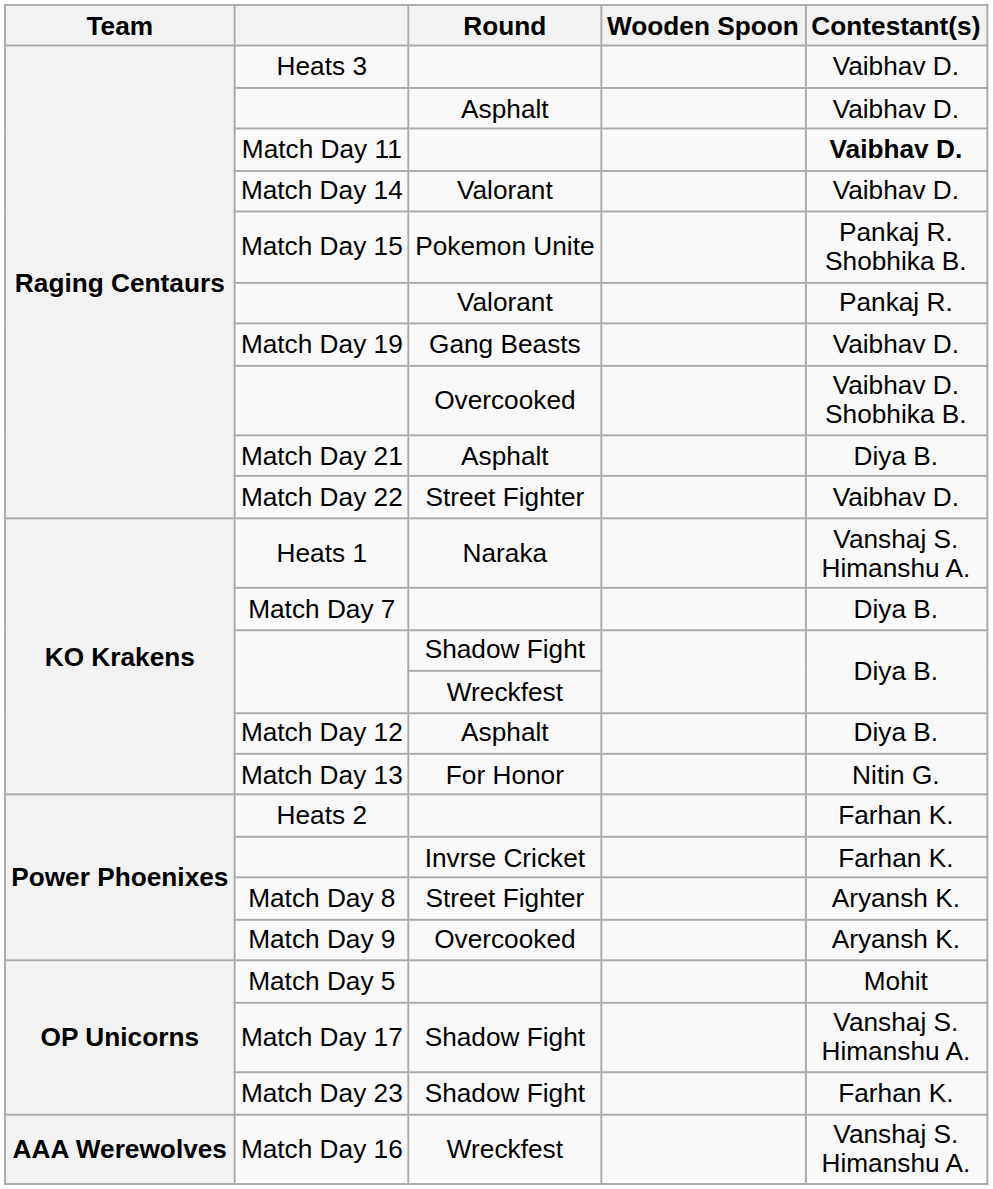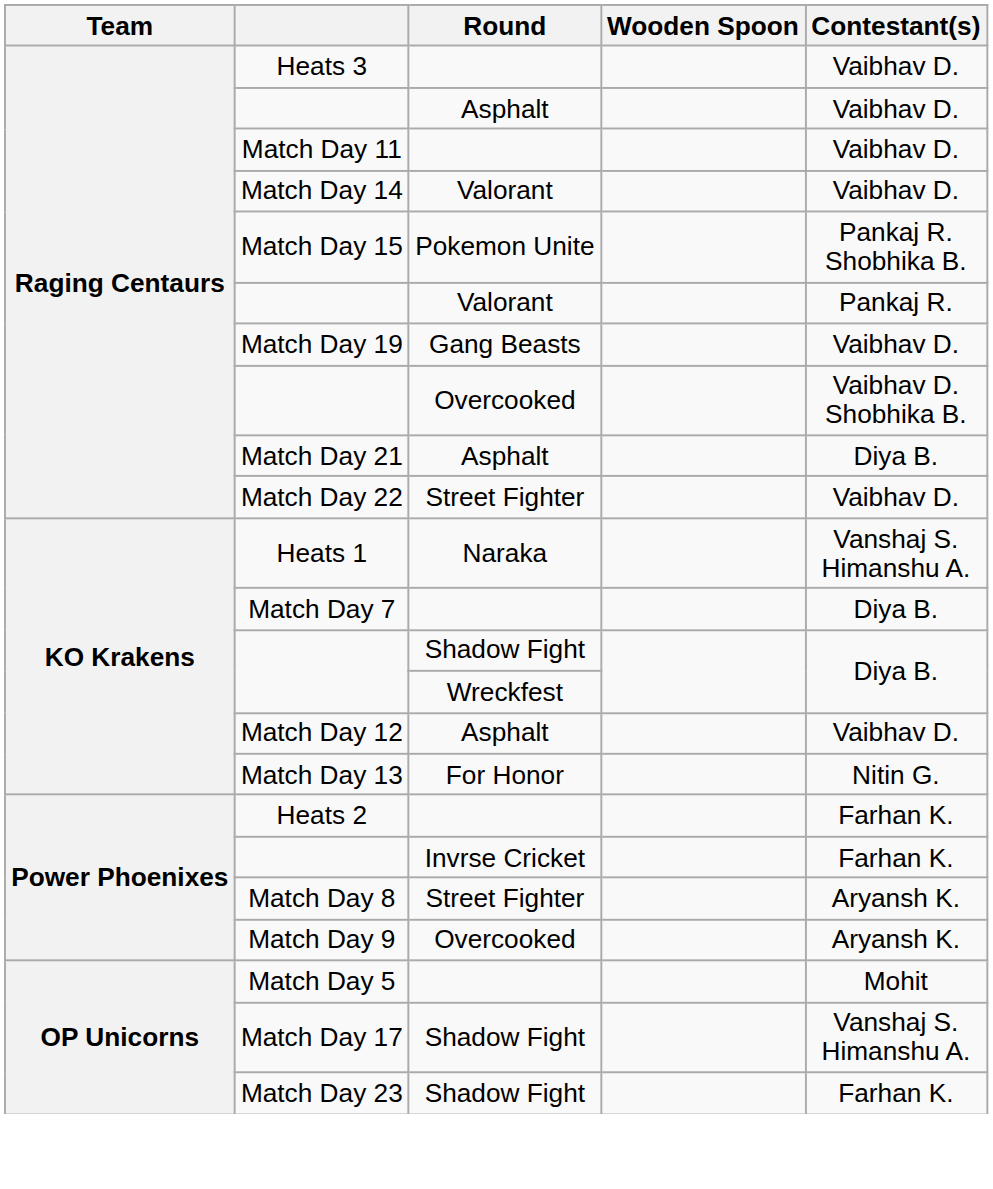 <table class="wikitable" style="text-align:center; font-size:85%;">
 <tr>
 <th>Team</th>
 <th></th>
 <th>Round</th>
 <th>Wooden Spoon</th>
 <th>Contestant(s)</th>
 </tr>
 <tr>
 <th rowspan="10">Raging Centaurs</th>
 <td>Heats 3</td>
 <td></td>
 <td></td>
 <td>Vaibhav D.</td>
 </tr>
 <tr>
 <td></td>
 <td>Asphalt</td>
 <td></td>
 <td>Vaibhav D.</td>
 </tr>
 <tr>
 <td>Match Day 11</td>
 <td></td>
 <td></td>
-<td><strong>Vaibhav D.</strong></td>
+<td>Vaibhav D.</td>
 </tr>
 <tr>
 <td>Match Day 14</td>
 <td>Valorant</td>
 <td></td>
 <td>Vaibhav D.</td>
 </tr>
 <tr>
 <td>Match Day 15</td>
 <td>Pokemon Unite</td>
 <td></td>
 <td>Pankaj R.<br>Shobhika B.</td>
 </tr>
 <tr>
 <td></td>
 <td>Valorant</td>
 <td></td>
 <td>Pankaj R.</td>
 </tr>
 <tr>
 <td>Match Day 19</td>
 <td>Gang Beasts</td>
 <td></td>
 <td>Vaibhav D.</td>
 </tr>
 <tr>
 <td></td>
 <td>Overcooked</td>
 <td></td>
 <td>Vaibhav D.<br>Shobhika B.</td>
 </tr>
 <tr>
 <td>Match Day 21</td>
 <td>Asphalt</td>
 <td></td>
 <td>Diya B.</td>
 </tr>
 <tr>
 <td>Match Day 22</td>
 <td>Street Fighter</td>
 <td></td>
 <td>Vaibhav D.</td>
 </tr>
 <tr>
 <th rowspan="6">KO Krakens</th>
 <td>Heats 1</td>
 <td>Naraka</td>
 <td></td>
 <td>Vanshaj S.<br>Himanshu A.</td>
 </tr>
 <tr>
 <td>Match Day 7</td>
 <td></td>
 <td></td>
 <td>Diya B.</td>
 </tr>
 <tr>
 <td rowspan="2"></td>
 <td>Shadow Fight</td>
 <td rowspan="2"></td>
 <td rowspan="2">Diya B.</td>
 </tr>
 <tr>
 <td>Wreckfest</td>
 </tr>
 <tr>
 <td>Match Day 12</td>
 <td>Asphalt</td>
 <td></td>
-<td>Diya B.</td>
+<td>Vaibhav D.</td>
 </tr>
 <tr>
 <td>Match Day 13</td>
 <td>For Honor</td>
 <td></td>
 <td>Nitin G.</td>
 </tr>
 <tr>
 <th rowspan="4">Power Phoenixes</th>
 <td>Heats 2</td>
 <td></td>
 <td></td>
 <td>Farhan K.</td>
 </tr>
 <tr>
 <td></td>
 <td>Invrse Cricket</td>
 <td></td>
 <td>Farhan K.</td>
 </tr>
 <tr>
 <td>Match Day 8</td>
 <td>Street Fighter</td>
 <td></td>
 <td>Aryansh K.</td>
 </tr>
 <tr>
 <td>Match Day 9</td>
 <td>Overcooked</td>
 <td></td>
 <td>Aryansh K.</td>
 </tr>
 <tr>
 <th rowspan="3">OP Unicorns</th>
 <td>Match Day 5</td>
 <td></td>
 <td></td>
 <td>Mohit</td>
 </tr>
 <tr>
 <td>Match Day 17</td>
 <td>Shadow Fight</td>
 <td></td>
 <td>Vanshaj S.<br>Himanshu A.</td>
 </tr>
 <tr>
 <td>Match Day 23</td>
 <td>Shadow Fight</td>
 <td></td>
 <td>Farhan K.</td>
 </tr>
 <tr>
-<th rowspan="1">AAA Werewolves</th>
-<td>Match Day 16</td>
-<td>Wreckfest</td>
-<td></td>
-<td>Vanshaj S.<br>Himanshu A.</td>
-</tr>
-<tr>
 </tr>
 </table>
